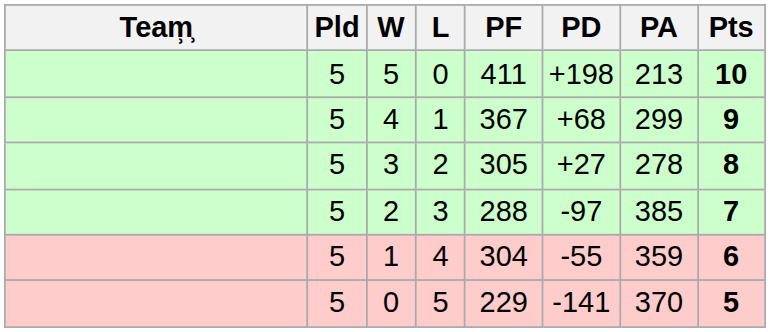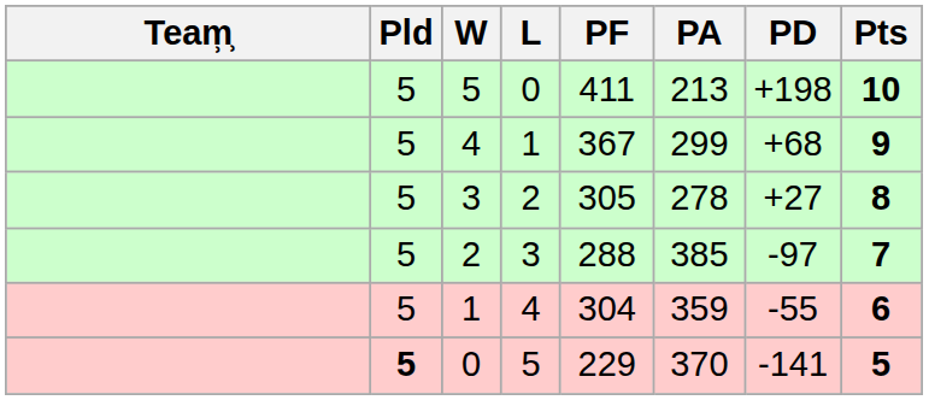 <table class=wikitable style="text-align:center">
 <tr>
 <th width=160>Team̹̹</th>
 <th width=20>Pld</th>
 <th width=20>W</th>
 <th width=20>L</th>
 <th width=35>PF</th>
+<th width=35>PA</th>
 <th width=35>PD</th>
-<th width=35>PA</th>
 <th width=30>Pts</th>
 </tr>
 <tr style="background:#cfc;">
 <td align=left></td>
 <td>5</td>
 <td>5</td>
 <td>0</td>
 <td>411</td>
+<td>213</td>
 <td>+198</td>
-<td>213</td>
 <td><strong>10</strong></td>
 </tr>
 <tr style="background:#cfc;">
 <td align=left></td>
 <td>5</td>
 <td>4</td>
 <td>1</td>
 <td>367</td>
+<td>299</td>
 <td>+68</td>
-<td>299</td>
 <td><strong>9</strong></td>
 </tr>
 <tr style="background:#cfc;">
 <td align=left></td>
 <td>5</td>
 <td>3</td>
 <td>2</td>
 <td>305</td>
+<td>278</td>
 <td>+27</td>
-<td>278</td>
 <td><strong>8</strong></td>
 </tr>
 <tr style="background:#cfc;">
 <td align=left></td>
 <td>5</td>
 <td>2</td>
 <td>3</td>
 <td>288</td>
+<td>385</td>
 <td>-97</td>
-<td>385</td>
 <td><strong>7</strong></td>
 </tr>
 <tr style="background:#fcc;">
 <td align=left></td>
 <td>5</td>
 <td>1</td>
 <td>4</td>
 <td>304</td>
+<td>359</td>
 <td>-55</td>
-<td>359</td>
 <td><strong>6</strong></td>
 </tr>
 <tr style="background:#fcc;">
 <td align=left></td>
-<td>5</td>
+<td><strong>5</strong></td>
 <td>0</td>
 <td>5</td>
 <td>229</td>
+<td>370</td>
 <td>-141</td>
-<td>370</td>
 <td><strong>5</strong></td>
 </tr>
 </table>
